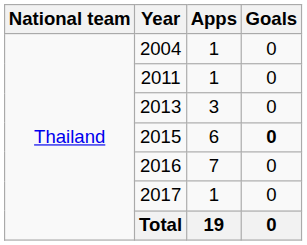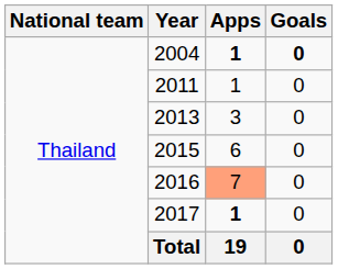 <table class="wikitable" style="text-align:center">
 <tr>
 <th>National team</th>
 <th>Year</th>
 <th>Apps</th>
 <th>Goals</th>
 </tr>
 <tr>
 <td rowspan="7" valign="center"><a href='#'>Thailand</a></td>
 <td>2004</td>
-<td>1</td>
-<td>0</td>
+<td><strong>1</strong></td>
+<td><strong>0</strong></td>
 </tr>
 <tr>
 <td>2011</td>
 <td>1</td>
 <td>0</td>
 </tr>
 <tr>
 <td>2013</td>
 <td>3</td>
 <td>0</td>
 </tr>
 <tr>
 <td>2015</td>
 <td>6</td>
-<td><strong>0</strong></td>
+<td>0</td>
 </tr>
 <tr>
 <td>2016</td>
-<td>7</td>
+<td style="background: lightsalmon;">7</td>
 <td>0</td>
 </tr>
 <tr>
 <td>2017</td>
-<td>1</td>
+<td><strong>1</strong></td>
 <td>0</td>
 </tr>
 <tr>
 <th>Total</th>
 <th>19</th>
 <th>0</th>
 </tr>
 </table>
